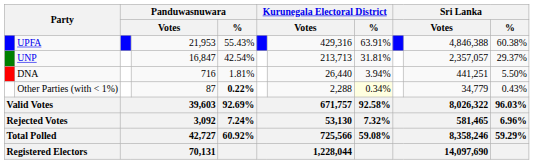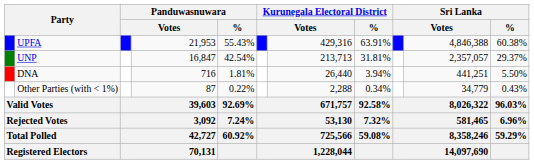 <table class="wikitable">
 <tr>
 <th colspan="2" width="144px"rowspan="2">Party</th>
 <th colspan="3" width="216px">Panduwasnuwara</th>
 <th colspan="3" width="216px"><a href='#'>Kurunegala Electoral District</a></th>
 <th colspan="3" width="216px">Sri Lanka</th>
 </tr>
 <tr>
 <th colspan="2" width="144px">Votes</th>
 <th>%</th>
 <th colspan="2" width="144px">Votes</th>
 <th>%</th>
 <th colspan="2" width="144px">Votes</th>
 <th>%</th>
 </tr>
 <tr>
 <td style="background-color:blue;" width="10px"></td>
 <td style="text-align:left;"><a href='#'>UPFA</a></td>
 <td style="background-color:blue;" width="10px"></td>
 <td style="text-align:right;">21,953</td>
 <td style="text-align:right;">55.43%</td>
 <td style="background-color:blue;" width="10px"></td>
 <td style="text-align:right;">429,316</td>
 <td style="text-align:right;">63.91%</td>
 <td style="background-color:blue;" width="10px"></td>
 <td style="text-align:right;">4,846,388</td>
 <td style="text-align:right;">60.38%</td>
 </tr>
 <tr>
 <td style="background-color:green;" width="10px"></td>
 <td style="text-align:left;"><a href='#'>UNP</a></td>
 <td style="background-color:white;" width="10px"></td>
 <td style="text-align:right;">16,847</td>
 <td style="text-align:right;">42.54%</td>
 <td style="background-color:white;" width="10px"></td>
 <td style="text-align:right;">213,713</td>
 <td style="text-align:right;">31.81%</td>
 <td style="background-color:white;" width="10px"></td>
 <td style="text-align:right;">2,357,057</td>
 <td style="text-align:right;">29.37%</td>
 </tr>
 <tr>
 <td style="background-color:red;" width="10px"></td>
 <td style="text-align:left;">DNA</td>
 <td style="background-color:white;" width="10px"></td>
 <td style="text-align:right;">716</td>
 <td style="text-align:right;">1.81%</td>
 <td style="background-color:white;" width="10px"></td>
 <td style="text-align:right;">26,440</td>
 <td style="text-align:right;">3.94%</td>
 <td style="background-color:white;" width="10px"></td>
 <td style="text-align:right;">441,251</td>
 <td style="text-align:right;">5.50%</td>
 </tr>
 <tr>
 <td style="background-color:white;" width="10px"></td>
 <td style="text-align:left;">Other Parties (with < 1%)</td>
 <td style="background-color:white;" width="10px"></td>
 <td style="text-align:right;">87</td>
-<td style="text-align:right;"><strong>0.22%</strong></td>
+<td style="text-align:right;">0.22%</td>
 <td style="background-color:white;" width="10px"></td>
 <td style="text-align:right;">2,288</td>
-<td style="background: lightyellow; text-align:right;">0.34%</td>
+<td style="text-align:right;">0.34%</td>
 <td style="background-color:white;" width="10px"></td>
 <td style="text-align:right;">34,779</td>
 <td style="text-align:right;">0.43%</td>
 </tr>
 <tr>
 <th colspan="2" width="144px"style="text-align:left;">Valid Votes</th>
 <th style="text-align:right;"colspan="2" width="144px">39,603</th>
 <th style="text-align:right;">92.69%</th>
 <th style="text-align:right;"colspan="2" width="144px">671,757</th>
 <th style="text-align:right;">92.58%</th>
 <th style="text-align:right;"colspan="2" width="144px">8,026,322</th>
 <th style="text-align:right;">96.03%</th>
 </tr>
 <tr>
 <th colspan="2" width="144px"style="text-align:left;">Rejected Votes</th>
 <th style="text-align:right;"colspan="2" width="144px">3,092</th>
 <th style="text-align:right;">7.24%</th>
 <th style="text-align:right;"colspan="2" width="144px">53,130</th>
 <th style="text-align:right;">7.32%</th>
 <th style="text-align:right;"colspan="2" width="144px">581,465</th>
 <th style="text-align:right;">6.96%</th>
 </tr>
 <tr>
 <th colspan="2" width="144px"style="text-align:left;">Total Polled</th>
 <th style="text-align:right;"colspan="2" width="144px">42,727</th>
 <th style="text-align:right;">60.92%</th>
 <th style="text-align:right;"colspan="2" width="144px">725,566</th>
 <th style="text-align:right;">59.08%</th>
 <th style="text-align:right;"colspan="2" width="144px">8,358,246</th>
 <th style="text-align:right;">59.29%</th>
 </tr>
 <tr>
 <th colspan="2" width="144px"style="text-align:left;">Registered Electors</th>
 <th style="text-align:right;"colspan="2" width="144px">70,131</th>
 <th></th>
 <th style="text-align:right;"colspan="2" width="144px">1,228,044</th>
 <th></th>
 <th style="text-align:right;"colspan="2" width="144px">14,097,690</th>
 <th></th>
 </tr>
 </table>
